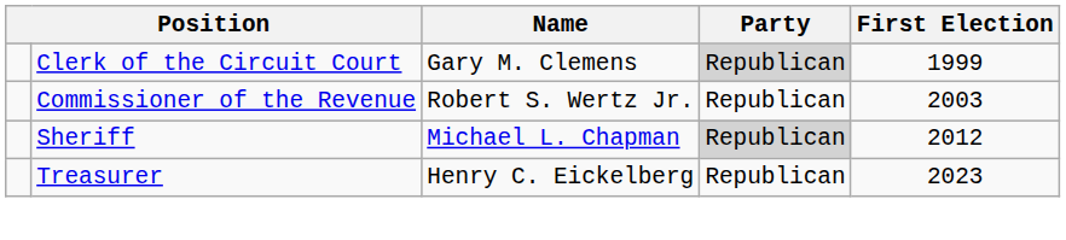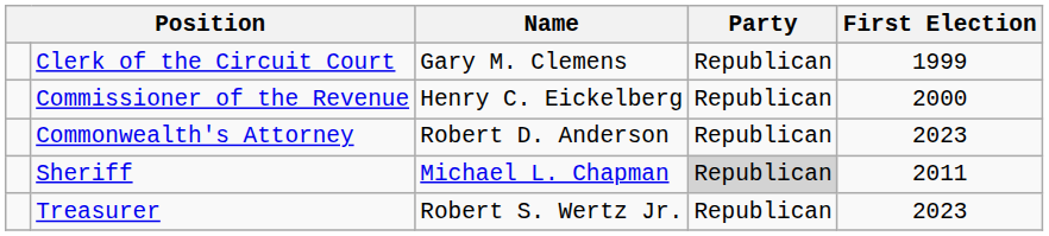 <table class=wikitable>
 <tr>
 <th colspan=2 align=center valign=bottom>Position</th>
 <th style="text-align:center;">Name</th>
 <th valign=bottom>Party</th>
 <th valign=bottom align=center>First Election</th>
 </tr>
 <tr>
 <td style="background-color:"> </td>
 <td><a href='#'>Clerk of the Circuit Court</a></td>
 <td>Gary M. Clemens</td>
-<td style="background: lightgrey; text-align:center;">Republican</td>
+<td style="text-align:center;">Republican</td>
 <td style="text-align:center;">1999</td>
 </tr>
 <tr>
 <td style="background-color:"> </td>
 <td><a href='#'>Commissioner of the Revenue</a></td>
-<td>Robert S. Wertz Jr.</td>
+<td>Henry C. Eickelberg</td>
 <td style="text-align:center;">Republican</td>
-<td style="text-align:center;">2003</td>
+<td style="text-align:center;">2000</td>
+</tr>
+<tr>
+<td style="background-color:"> </td>
+<td><a href='#'>Commonwealth's Attorney</a></td>
+<td>Robert D. Anderson</td>
+<td style="text-align:center;">Republican</td>
+<td style="text-align:center;">2023</td>
 </tr>
 <tr>
 <td style="background-color:"> </td>
 <td><a href='#'>Sheriff</a></td>
 <td><a href='#'>Michael L. Chapman</a></td>
 <td style="background: lightgrey; text-align:center;">Republican</td>
-<td style="text-align:center;">2012</td>
+<td style="text-align:center;">2011</td>
 </tr>
 <tr>
 <td style="background-color:"> </td>
 <td><a href='#'>Treasurer</a></td>
-<td>Henry C. Eickelberg</td>
+<td>Robert S. Wertz Jr.</td>
 <td style="text-align:center;">Republican</td>
 <td style="text-align:center;">2023</td>
 </tr>
 </table>
